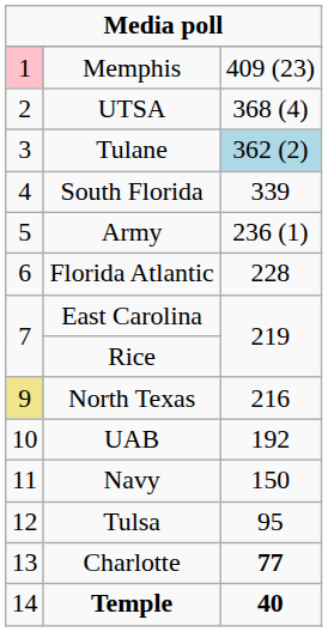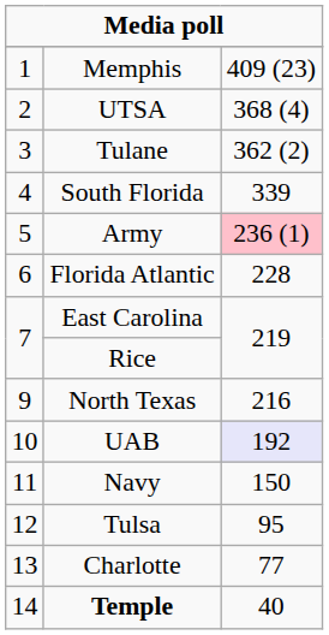 <table class="wikitable">
 <tr align="center">
 <td align="center" Colspan="3"><strong>Media poll</strong></td>
 </tr>
 <tr align="center">
 </tr>
 <tr align="center">
-<td style="background: pink;">1</td>
+<td>1</td>
 <td>Memphis</td>
 <td>409 (23)</td>
 </tr>
 <tr align="center">
 <td>2</td>
 <td>UTSA</td>
 <td>368 (4)</td>
 </tr>
 <tr align="center">
 <td>3</td>
 <td>Tulane</td>
-<td style="background: lightblue;">362 (2)</td>
+<td>362 (2)</td>
 </tr>
 <tr align="center">
 <td>4</td>
 <td>South Florida</td>
 <td>339</td>
 </tr>
 <tr align="center">
 <td>5</td>
 <td>Army</td>
-<td>236 (1)</td>
+<td style="background: pink;">236 (1)</td>
 </tr>
 <tr align="center">
 <td>6</td>
 <td>Florida Atlantic</td>
 <td>228</td>
 </tr>
 <tr align="center">
 <td rowspan="2">7</td>
 <td>East Carolina</td>
 <td rowspan="2">219</td>
 </tr>
 <tr align="center">
 <td>Rice</td>
 </tr>
 <tr align="center">
-<td style="background: khaki;">9</td>
+<td>9</td>
 <td>North Texas</td>
 <td>216</td>
 </tr>
 <tr align="center">
 <td>10</td>
 <td>UAB</td>
-<td>192</td>
+<td style="background: lavender;">192</td>
 </tr>
 <tr align="center">
 <td>11</td>
 <td>Navy</td>
 <td>150</td>
 </tr>
 <tr align="center">
 <td>12</td>
 <td>Tulsa</td>
 <td>95</td>
 </tr>
 <tr align="center">
 <td>13</td>
 <td>Charlotte</td>
-<td><strong>77</strong></td>
+<td>77</td>
 </tr>
 <tr align="center">
 <td>14</td>
 <td><strong>Temple</strong></td>
-<td><strong>40</strong></td>
+<td>40</td>
 </tr>
 </table>
